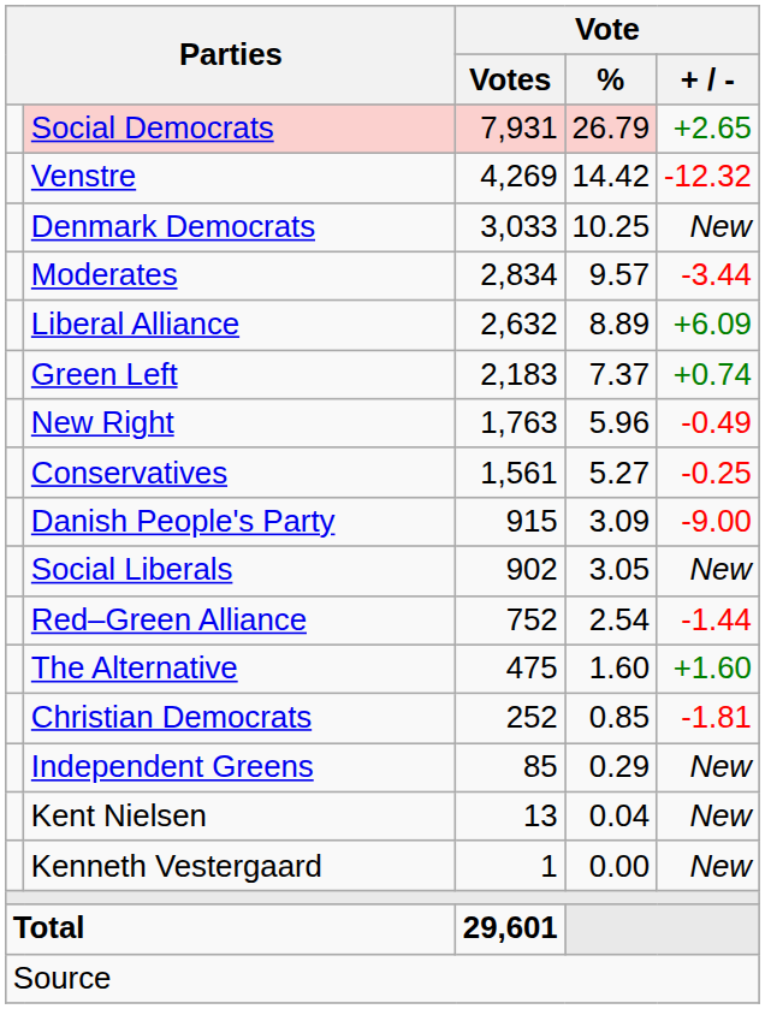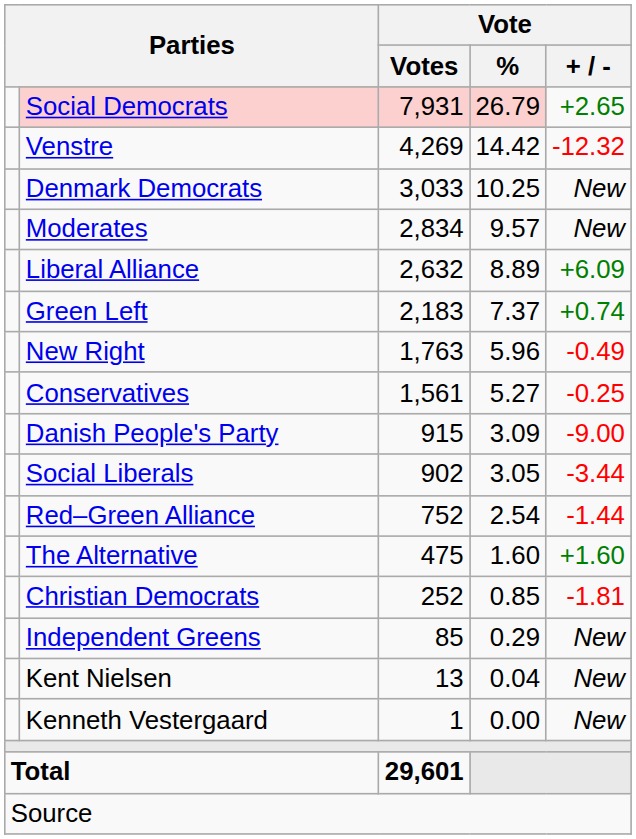 <table class="wikitable" style="text-align:right;">
 <tr>
 <th style="text-align:centre;" rowspan="2" colspan="2" width="225">Parties</th>
 <th colspan="3">Vote</th>
 </tr>
 <tr>
 <th width="15">Votes</th>
 <th width="15">%</th>
 <th width="15">+ / -</th>
 </tr>
 <tr>
 <td width="2" style="color:inherit;background:"></td>
 <td bgcolor=#fbd0ce  align="left"><a href='#'>Social Democrats</a></td>
 <td bgcolor=#fbd0ce>7,931</td>
 <td bgcolor=#fbd0ce>26.79</td>
 <td style=color:green;>+2.65</td>
 </tr>
 <tr>
 <td width="2" style="color:inherit;background:"></td>
 <td align="left"><a href='#'>Venstre</a></td>
 <td>4,269</td>
 <td>14.42</td>
 <td style=color:red;>-12.32</td>
 </tr>
 <tr>
 <td width="2" style="color:inherit;background:"></td>
 <td align="left"><a href='#'>Denmark Democrats</a></td>
 <td>3,033</td>
 <td>10.25</td>
 <td><em>New</em></td>
 </tr>
 <tr>
 <td width="2" style="color:inherit;background:"></td>
 <td align="left"><a href='#'>Moderates</a></td>
 <td>2,834</td>
 <td>9.57</td>
-<td style=color:red;>-3.44</td>
+<td><em>New</em></td>
 </tr>
 <tr>
 <td width="2" style="color:inherit;background:"></td>
 <td align="left"><a href='#'>Liberal Alliance</a></td>
 <td>2,632</td>
 <td>8.89</td>
 <td style=color:green;>+6.09</td>
 </tr>
 <tr>
 <td width="2" style="color:inherit;background:"></td>
 <td align="left"><a href='#'>Green Left</a></td>
 <td>2,183</td>
 <td>7.37</td>
 <td style=color:green;>+0.74</td>
 </tr>
 <tr>
 <td width="2" style="color:inherit;background:"></td>
 <td align="left"><a href='#'>New Right</a></td>
 <td>1,763</td>
 <td>5.96</td>
 <td style=color:red;>-0.49</td>
 </tr>
 <tr>
 <td width="2" style="color:inherit;background:"></td>
 <td align="left"><a href='#'>Conservatives</a></td>
 <td>1,561</td>
 <td>5.27</td>
 <td style=color:red;>-0.25</td>
 </tr>
 <tr>
 <td width="2" style="color:inherit;background:"></td>
 <td align="left"><a href='#'>Danish People's Party</a></td>
 <td>915</td>
 <td>3.09</td>
 <td style=color:red;>-9.00</td>
 </tr>
 <tr>
 <td width="2" style="color:inherit;background:"></td>
 <td align="left"><a href='#'>Social Liberals</a></td>
 <td>902</td>
 <td>3.05</td>
-<td><em>New</em></td>
+<td style=color:red;>-3.44</td>
 </tr>
 <tr>
 <td width="2" style="color:inherit;background:"></td>
 <td align="left"><a href='#'>Red–Green Alliance</a></td>
 <td>752</td>
 <td>2.54</td>
 <td style=color:red;>-1.44</td>
 </tr>
 <tr>
 <td width="2" style="color:inherit;background:"></td>
 <td align="left"><a href='#'>The Alternative</a></td>
 <td>475</td>
 <td>1.60</td>
 <td style=color:green;>+1.60</td>
 </tr>
 <tr>
 <td width="2" style="color:inherit;background:"></td>
 <td align="left"><a href='#'>Christian Democrats</a></td>
 <td>252</td>
 <td>0.85</td>
 <td style=color:red;>-1.81</td>
 </tr>
 <tr>
 <td width="2" style="color:inherit;background:"></td>
 <td align="left"><a href='#'>Independent Greens</a></td>
 <td>85</td>
 <td>0.29</td>
 <td><em>New</em></td>
 </tr>
 <tr>
 <td width="2" style="color:inherit;background:"></td>
 <td align="left">Kent Nielsen</td>
 <td>13</td>
 <td>0.04</td>
 <td><em>New</em></td>
 </tr>
 <tr>
 <td width="2" style="color:inherit;background:"></td>
 <td align="left">Kenneth Vestergaard</td>
 <td>1</td>
 <td>0.00</td>
 <td><em>New</em></td>
 </tr>
 <tr>
 <td colspan="7" bgcolor="#E9E9E9"></td>
 </tr>
 <tr>
 <td align="left" colspan="2"><strong>Total</strong></td>
 <td><strong>29,601</strong></td>
 <td bgcolor="#E9E9E9" colspan="2"></td>
 </tr>
 <tr>
 <td align="left" colspan="6">Source</td>
 </tr>
 </table>
